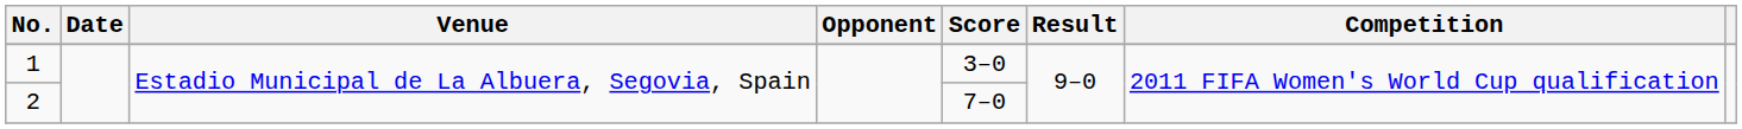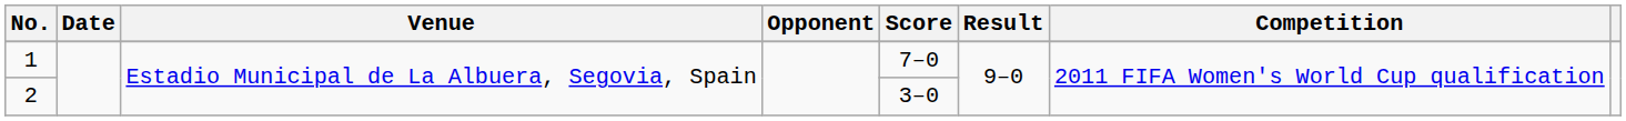 <table class="wikitable sortable">
 <tr>
 <th scope="col">No.</th>
 <th scope="col">Date</th>
 <th scope="col">Venue</th>
 <th scope="col">Opponent</th>
 <th scope="col">Score</th>
 <th scope="col">Result</th>
 <th scope="col">Competition</th>
 <th scope="col" class="unsortable"></th>
 </tr>
 <tr>
 </tr>
 <tr>
 <td align="center">1</td>
 <td rowspan="2"></td>
 <td rowspan="2"><a href='#'>Estadio Municipal de La Albuera</a>, <a href='#'>Segovia</a>, Spain</td>
 <td rowspan="2"></td>
-<td align="center">3–0</td>
+<td align="center">7–0</td>
 <td rowspan="2" style="text-align:center">9–0</td>
 <td rowspan="2"><a href='#'>2011 FIFA Women's World Cup qualification</a></td>
 <td rowspan="2"></td>
 </tr>
 <tr>
 <td align="center">2</td>
-<td align="center">7–0</td>
+<td align="center">3–0</td>
 </tr>
 </table>
